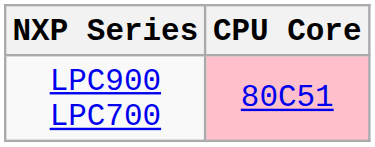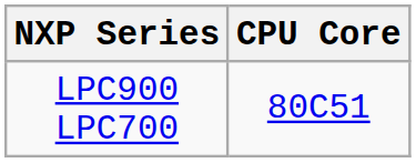 <table class="wikitable" style="text-align:center;">
 <tr>
 <th>NXP Series</th>
 <th>CPU Core</th>
 </tr>
 <tr>
 <td><a href='#'>LPC900</a><br><a href='#'>LPC700</a></td>
-<td style="background: pink;"><a href='#'>80C51</a></td>
+<td><a href='#'>80C51</a></td>
 </tr>
 </table>
